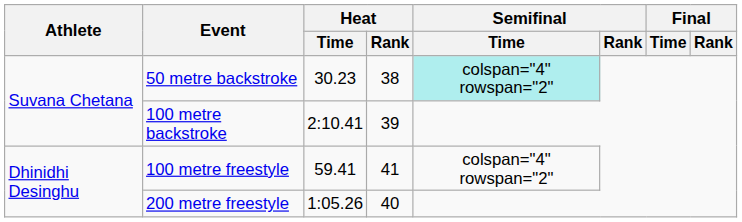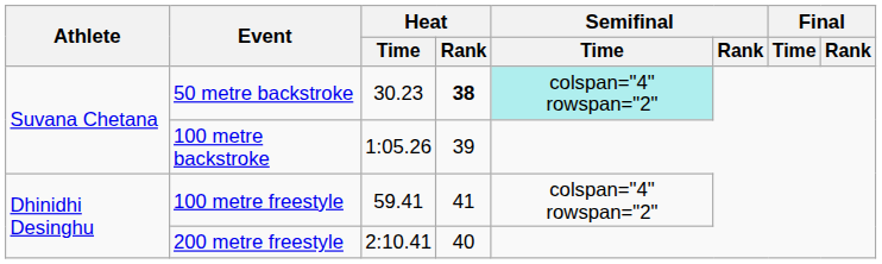 <table class="wikitable" style="text-align:center; font-size:90%; width:50%;">
 <tr>
 <th rowspan="2">Athlete</th>
 <th rowspan="2">Event</th>
 <th colspan="2">Heat</th>
 <th colspan="2">Semifinal</th>
 <th colspan="2">Final</th>
 </tr>
 <tr style="font-size:95%">
 <th>Time</th>
 <th>Rank</th>
 <th>Time</th>
 <th>Rank</th>
 <th>Time</th>
 <th>Rank</th>
 </tr>
 <tr align=center>
 <td align=left rowspan="2"><a href='#'>Suvana Chetana</a></td>
 <td align=left><a href='#'>50 metre backstroke</a></td>
 <td>30.23</td>
-<td>38</td>
+<td><strong>38</strong></td>
 <td style="background: paleturquoise;">colspan="4" rowspan="2" </td>
 </tr>
 <tr align=center>
 <td align=left><a href='#'>100 metre backstroke</a></td>
-<td>2:10.41</td>
+<td>1:05.26</td>
 <td>39</td>
 </tr>
 <tr align=center>
 <td align=left rowspan="2"><a href='#'>Dhinidhi Desinghu</a></td>
 <td align=left><a href='#'>100 metre freestyle</a></td>
 <td>59.41</td>
 <td>41</td>
 <td>colspan="4" rowspan="2" </td>
 </tr>
 <tr align=center>
 <td align=left><a href='#'>200 metre freestyle</a></td>
-<td>1:05.26</td>
+<td>2:10.41</td>
 <td>40</td>
 </tr>
 </table>
